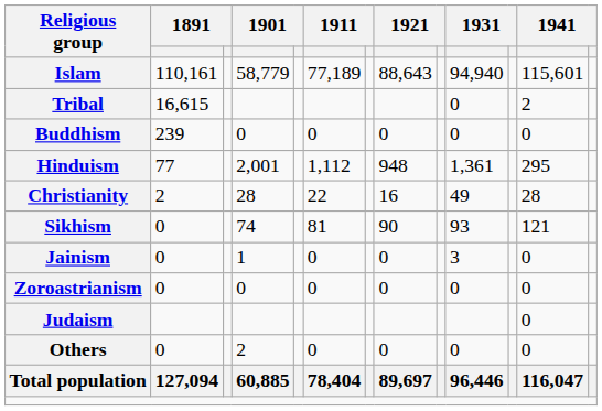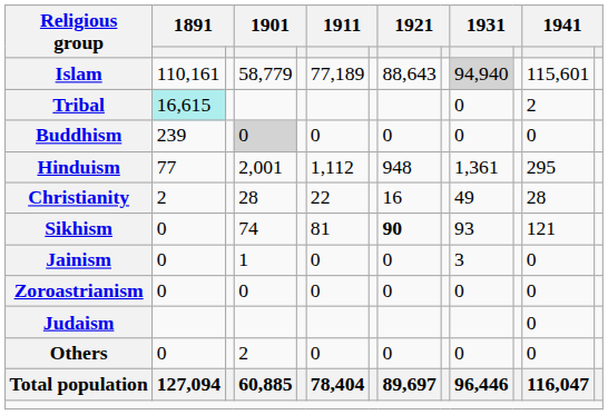 <table class="wikitable sortable">
 <tr>
 <th rowspan="2"><a href='#'>Religious</a><br>group</th>
 <th colspan="2">1891</th>
 <th colspan="2">1901</th>
 <th colspan="2">1911</th>
 <th colspan="2">1921</th>
 <th colspan="2">1931</th>
 <th colspan="2">1941</th>
 </tr>
 <tr>
 <th><a href='#'></a></th>
 <th></th>
 <th></th>
 <th></th>
 <th></th>
 <th></th>
 <th></th>
 <th></th>
 <th></th>
 <th></th>
 <th></th>
 <th></th>
 </tr>
 <tr>
 <th><a href='#'>Islam</a> </th>
 <td>110,161</td>
 <td></td>
 <td>58,779</td>
 <td></td>
 <td>77,189</td>
 <td></td>
 <td>88,643</td>
 <td></td>
-<td>94,940</td>
+<td style="background: lightgrey;">94,940</td>
 <td></td>
 <td>115,601</td>
 <td></td>
 </tr>
 <tr>
 <th><a href='#'>Tribal</a></th>
-<td>16,615</td>
+<td style="background: paleturquoise;">16,615</td>
 <td></td>
 <td></td>
 <td></td>
 <td></td>
 <td></td>
 <td></td>
 <td></td>
 <td>0</td>
 <td></td>
 <td>2</td>
 <td></td>
 </tr>
 <tr>
 <th><a href='#'>Buddhism</a> </th>
 <td>239</td>
 <td></td>
-<td>0</td>
+<td style="background: lightgrey;">0</td>
 <td></td>
 <td>0</td>
 <td></td>
 <td>0</td>
 <td></td>
 <td>0</td>
 <td></td>
 <td>0</td>
 <td></td>
 </tr>
 <tr>
 <th><a href='#'>Hinduism</a> </th>
 <td>77</td>
 <td></td>
 <td>2,001</td>
 <td></td>
 <td>1,112</td>
 <td></td>
 <td>948</td>
 <td></td>
 <td>1,361</td>
 <td></td>
 <td>295</td>
 <td></td>
 </tr>
 <tr>
 <th><a href='#'>Christianity</a> </th>
 <td>2</td>
 <td></td>
 <td>28</td>
 <td></td>
 <td>22</td>
 <td></td>
 <td>16</td>
 <td></td>
 <td>49</td>
 <td></td>
 <td>28</td>
 <td></td>
 </tr>
 <tr>
 <th><a href='#'>Sikhism</a> </th>
 <td>0</td>
 <td></td>
 <td>74</td>
 <td></td>
 <td>81</td>
 <td></td>
-<td>90</td>
+<td><strong>90</strong></td>
 <td></td>
 <td>93</td>
 <td></td>
 <td>121</td>
 <td></td>
 </tr>
 <tr>
 <th><a href='#'>Jainism</a> </th>
 <td>0</td>
 <td></td>
 <td>1</td>
 <td></td>
 <td>0</td>
 <td></td>
 <td>0</td>
 <td></td>
 <td>3</td>
 <td></td>
 <td>0</td>
 <td></td>
 </tr>
 <tr>
 <th><a href='#'>Zoroastrianism</a> </th>
 <td>0</td>
 <td></td>
 <td>0</td>
 <td></td>
 <td>0</td>
 <td></td>
 <td>0</td>
 <td></td>
 <td>0</td>
 <td></td>
 <td>0</td>
 <td></td>
 </tr>
 <tr>
 <th><a href='#'>Judaism</a> </th>
 <td></td>
 <td></td>
 <td></td>
 <td></td>
 <td></td>
 <td></td>
 <td></td>
 <td></td>
 <td></td>
 <td></td>
 <td>0</td>
 <td></td>
 </tr>
 <tr>
 <th>Others</th>
 <td>0</td>
 <td></td>
 <td>2</td>
 <td></td>
 <td>0</td>
 <td></td>
 <td>0</td>
 <td></td>
 <td>0</td>
 <td></td>
 <td>0</td>
 <td></td>
 </tr>
 <tr>
 <th>Total population</th>
 <th>127,094</th>
 <th></th>
 <th>60,885</th>
 <th></th>
 <th>78,404</th>
 <th></th>
 <th>89,697</th>
 <th></th>
 <th>96,446</th>
 <th></th>
 <th>116,047</th>
 <th></th>
 </tr>
 <tr class="sortbottom">
 <td colspan="15"></td>
 </tr>
 </table>
